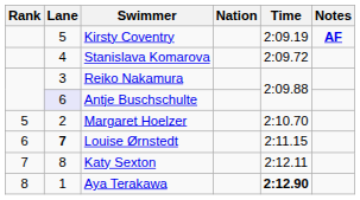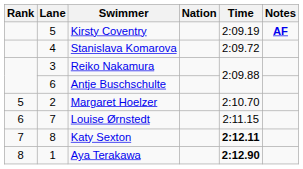 <table class="wikitable sortable" style="text-align:center">
 <tr>
 <th>Rank</th>
 <th>Lane</th>
 <th>Swimmer</th>
 <th>Nation</th>
 <th>Time</th>
 <th>Notes</th>
 </tr>
 <tr>
 <td></td>
 <td>5</td>
 <td align=left><a href='#'>Kirsty Coventry</a></td>
 <td align=left></td>
 <td>2:09.19</td>
 <td><strong><a href='#'>AF</a></strong></td>
 </tr>
 <tr>
 <td></td>
 <td>4</td>
 <td align=left><a href='#'>Stanislava Komarova</a></td>
 <td align=left></td>
 <td>2:09.72</td>
 <td></td>
 </tr>
 <tr>
 <td rowspan=2></td>
 <td>3</td>
 <td align=left><a href='#'>Reiko Nakamura</a></td>
 <td align=left></td>
 <td rowspan=2>2:09.88</td>
 <td></td>
 </tr>
 <tr>
-<td style="background: lavender;">6</td>
+<td>6</td>
 <td align=left><a href='#'>Antje Buschschulte</a></td>
 <td align=left></td>
 <td></td>
 </tr>
 <tr>
 <td>5</td>
 <td>2</td>
 <td align=left><a href='#'>Margaret Hoelzer</a></td>
 <td align=left></td>
 <td>2:10.70</td>
 <td></td>
 </tr>
 <tr>
 <td>6</td>
-<td><strong>7</strong></td>
+<td>7</td>
 <td align=left><a href='#'>Louise Ørnstedt</a></td>
 <td align=left></td>
 <td>2:11.15</td>
 <td></td>
 </tr>
 <tr>
 <td>7</td>
 <td>8</td>
 <td align=left><a href='#'>Katy Sexton</a></td>
 <td align=left></td>
-<td>2:12.11</td>
+<td><strong>2:12.11</strong></td>
 <td></td>
 </tr>
 <tr>
 <td>8</td>
 <td>1</td>
 <td align=left><a href='#'>Aya Terakawa</a></td>
 <td align=left></td>
 <td><strong>2:12.90</strong></td>
 <td></td>
 </tr>
 </table>
